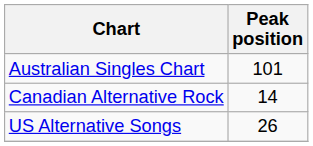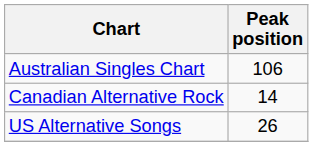 <table class="wikitable">
 <tr>
 <th align="center">Chart</th>
 <th align="center">Peak<br>position</th>
 </tr>
 <tr>
 <td align="left"><a href='#'>Australian Singles Chart</a></td>
-<td align="center">101</td>
+<td align="center">106</td>
 </tr>
 <tr>
 <td align="left"><a href='#'>Canadian Alternative Rock</a></td>
 <td align="center">14</td>
 </tr>
 <tr>
 <td align="left"><a href='#'>US Alternative Songs</a></td>
 <td align="center">26</td>
 </tr>
 <tr>
 </tr>
 </table>
